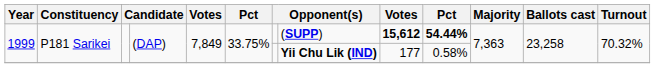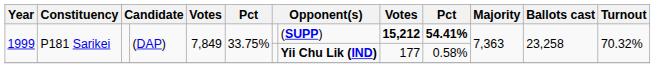 <table class="wikitable" style="margin:0.5em ; font-size:95%">
 <tr>
 <th>Year</th>
 <th>Constituency</th>
 <th colspan="2">Candidate</th>
 <th>Votes</th>
 <th>Pct</th>
 <th colspan=2>Opponent(s)</th>
 <th>Votes</th>
 <th>Pct</th>
 <th>Majority</th>
 <th>Ballots cast</th>
 <th>Turnout</th>
 </tr>
 <tr>
 <td rowspan="2"><a href='#'>1999</a></td>
 <td rowspan="2">P181 <a href='#'>Sarikei</a></td>
 <td rowspan="2" ></td>
 <td rowspan="2"> (<a href='#'>DAP</a>)</td>
 <td rowspan="2" align="right">7,849</td>
 <td rowspan="2">33.75%</td>
 <td></td>
 <td> (<a href='#'><strong>SUPP</strong></a>)</td>
-<td align="right"><strong>15,612</strong></td>
-<td><strong>54.44%</strong></td>
+<td align="right"><strong>15,212</strong></td>
+<td><strong>54.41%</strong></td>
 <td rowspan="2">7,363</td>
 <td rowspan="2">23,258</td>
 <td rowspan="2">70.32%</td>
 </tr>
 <tr>
 <td></td>
 <td><strong>Yii Chu Lik (<a href='#'>IND</a>)</strong></td>
 <td align=right>177</td>
 <td align=right>0.58%</td>
 </tr>
 <tr>
 </tr>
 </table>
